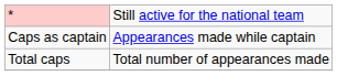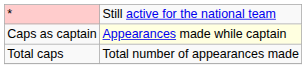 <table class="wikitable">
 <tr>
 <td style="background-color:#FFCCCC">*</td>
 <td>Still <a href='#'>active for the national team</a></td>
 </tr>
 <tr>
 <td>Caps as captain</td>
-<td><a href='#'>Appearances</a> made while captain</td>
+<td style="background: lightyellow;"><a href='#'>Appearances</a> made while captain</td>
 </tr>
 <tr>
 <td>Total caps</td>
 <td>Total number of appearances made</td>
 </tr>
 <tr>
 </tr>
 </table>
